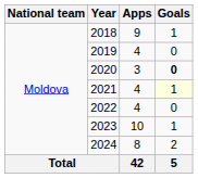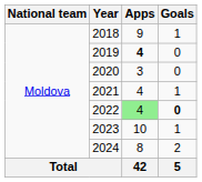 <table class="wikitable" style="text-align:center">
 <tr>
 <th>National team</th>
 <th>Year</th>
 <th>Apps</th>
 <th>Goals</th>
 </tr>
 <tr>
 <td rowspan="7"><a href='#'>Moldova</a></td>
 <td>2018</td>
 <td>9</td>
 <td>1</td>
 </tr>
 <tr>
 <td>2019</td>
-<td>4</td>
+<td><strong>4</strong></td>
 <td>0</td>
 </tr>
 <tr>
 <td>2020</td>
 <td>3</td>
-<td><strong>0</strong></td>
+<td>0</td>
 </tr>
 <tr>
 <td>2021</td>
 <td>4</td>
-<td style="background: lightyellow;">1</td>
+<td>1</td>
 </tr>
 <tr>
 <td>2022</td>
-<td>4</td>
-<td>0</td>
+<td style="background: lightgreen;">4</td>
+<td><strong>0</strong></td>
 </tr>
 <tr>
 <td>2023</td>
 <td>10</td>
 <td>1</td>
 </tr>
 <tr>
 <td>2024</td>
 <td>8</td>
 <td>2</td>
 </tr>
 <tr>
 <th colspan="2">Total</th>
 <th>42</th>
 <th>5</th>
 </tr>
 </table>
